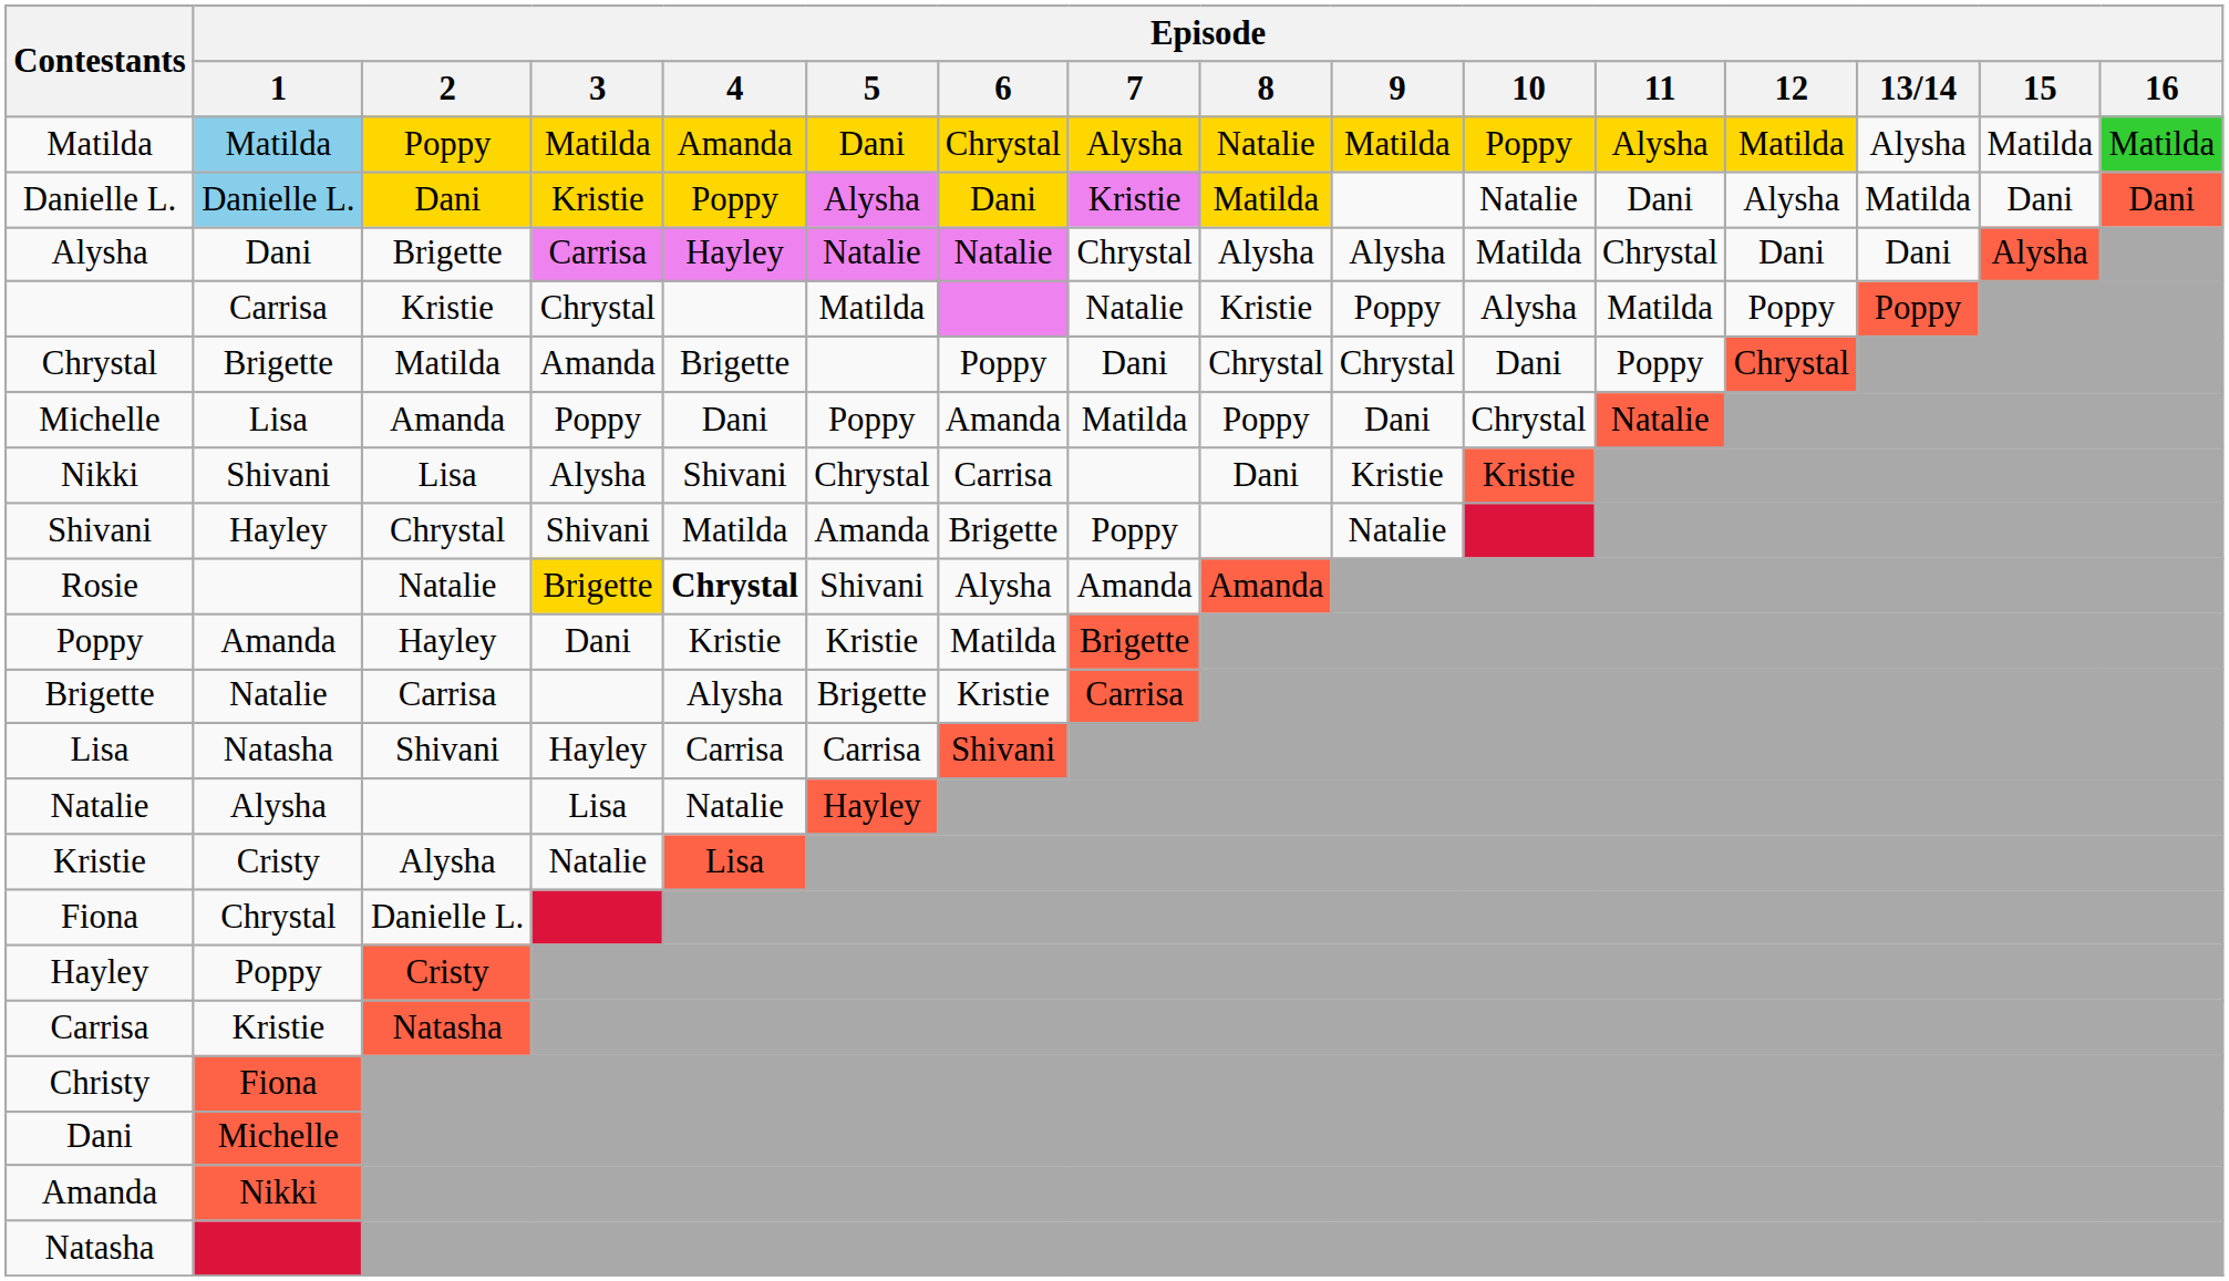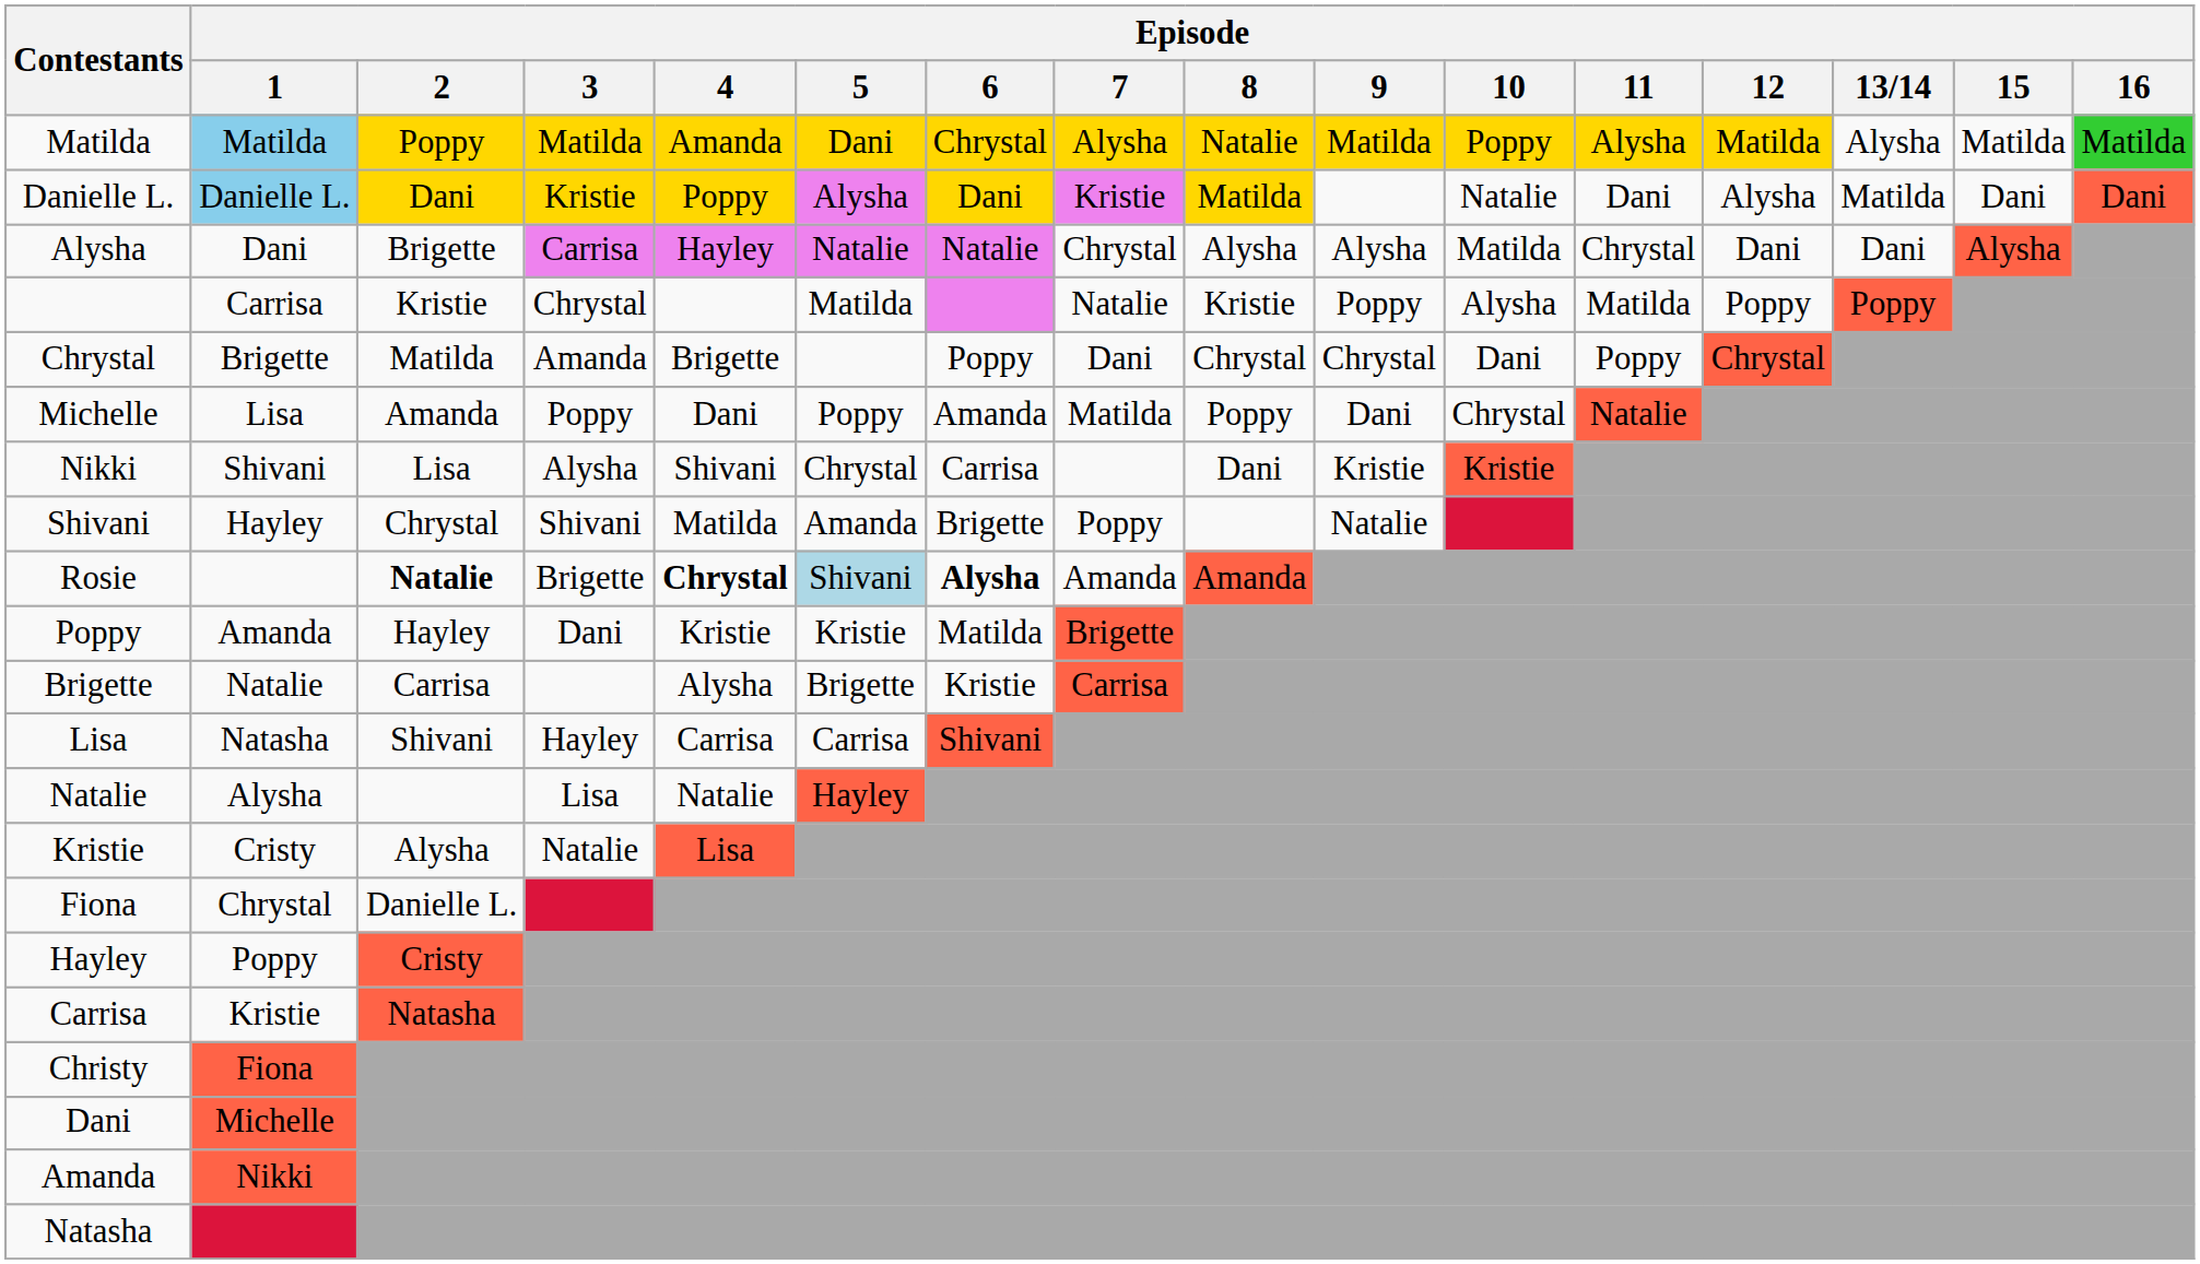 <table class="wikitable" style="text-align:center; font-size:92%">
 <tr>
 <th rowspan="2">Contestants</th>
 <th colspan="16">Episode</th>
 </tr>
 <tr>
 <th>1</th>
 <th>2</th>
 <th>3</th>
 <th>4</th>
 <th>5</th>
 <th>6</th>
 <th>7</th>
 <th>8</th>
 <th>9</th>
 <th>10</th>
 <th>11</th>
 <th>12</th>
 <th>13/14</th>
 <th>15</th>
 <th>16</th>
 </tr>
 <tr>
 <td>Matilda</td>
 <td bgcolor="skyblue">Matilda</td>
 <td bgcolor="gold">Poppy</td>
 <td bgcolor="gold">Matilda</td>
 <td bgcolor="gold">Amanda</td>
 <td bgcolor="gold">Dani</td>
 <td bgcolor="gold">Chrystal</td>
 <td bgcolor="gold">Alysha</td>
 <td bgcolor="gold">Natalie</td>
 <td bgcolor="gold">Matilda</td>
 <td bgcolor="gold">Poppy</td>
 <td bgcolor="gold">Alysha</td>
 <td bgcolor="gold">Matilda</td>
 <td>Alysha</td>
 <td>Matilda</td>
 <td bgcolor="limegreen">Matilda</td>
 </tr>
 <tr>
 <td>Danielle L.</td>
 <td bgcolor="skyblue">Danielle L.</td>
 <td bgcolor="gold">Dani</td>
 <td bgcolor="gold">Kristie</td>
 <td bgcolor="gold">Poppy</td>
 <td bgcolor="violet">Alysha</td>
 <td bgcolor="gold">Dani</td>
 <td bgcolor="violet">Kristie</td>
 <td bgcolor="gold">Matilda</td>
 <td></td>
 <td>Natalie</td>
 <td>Dani</td>
 <td>Alysha</td>
 <td>Matilda</td>
 <td>Dani</td>
 <td bgcolor="tomato">Dani</td>
 </tr>
 <tr>
 <td>Alysha</td>
 <td>Dani</td>
 <td>Brigette</td>
 <td bgcolor="violet">Carrisa</td>
 <td bgcolor="violet">Hayley</td>
 <td bgcolor="violet">Natalie</td>
 <td bgcolor="violet">Natalie</td>
 <td>Chrystal</td>
 <td>Alysha</td>
 <td>Alysha</td>
 <td>Matilda</td>
 <td>Chrystal</td>
 <td>Dani</td>
 <td>Dani</td>
 <td bgcolor="tomato">Alysha</td>
 <td bgcolor="darkgray" colspan=8></td>
 </tr>
 <tr>
 <td></td>
 <td>Carrisa</td>
 <td>Kristie</td>
 <td>Chrystal</td>
 <td></td>
 <td>Matilda</td>
 <td bgcolor="violet"></td>
 <td>Natalie</td>
 <td>Kristie</td>
 <td>Poppy</td>
 <td>Alysha</td>
 <td>Matilda</td>
 <td>Poppy</td>
 <td bgcolor="tomato">Poppy</td>
 <td bgcolor="darkgray" colspan=8></td>
 </tr>
 <tr>
 <td>Chrystal</td>
 <td>Brigette</td>
 <td>Matilda</td>
 <td>Amanda</td>
 <td>Brigette</td>
 <td></td>
 <td>Poppy</td>
 <td>Dani</td>
 <td>Chrystal</td>
 <td>Chrystal</td>
 <td>Dani</td>
 <td>Poppy</td>
 <td bgcolor="tomato">Chrystal</td>
 <td bgcolor="darkgray" colspan=8></td>
 </tr>
 <tr>
 <td>Michelle</td>
 <td>Lisa</td>
 <td>Amanda</td>
 <td>Poppy</td>
 <td>Dani</td>
 <td>Poppy</td>
 <td>Amanda</td>
 <td>Matilda</td>
 <td>Poppy</td>
 <td>Dani</td>
 <td>Chrystal</td>
 <td bgcolor="tomato">Natalie</td>
 <td bgcolor="darkgray" colspan=8></td>
 </tr>
 <tr>
 <td>Nikki</td>
 <td>Shivani</td>
 <td>Lisa</td>
 <td>Alysha</td>
 <td>Shivani</td>
 <td>Chrystal</td>
 <td>Carrisa</td>
 <td></td>
 <td>Dani</td>
 <td>Kristie</td>
 <td bgcolor="tomato">Kristie</td>
 <td bgcolor="darkgray" colspan=8></td>
 </tr>
 <tr>
 <td>Shivani</td>
 <td>Hayley</td>
 <td>Chrystal</td>
 <td>Shivani</td>
 <td>Matilda</td>
 <td>Amanda</td>
 <td>Brigette</td>
 <td>Poppy</td>
 <td></td>
 <td>Natalie</td>
 <td bgcolor="crimson"></td>
 <td bgcolor="darkgray" colspan=8></td>
 </tr>
 <tr>
 <td>Rosie</td>
 <td></td>
-<td>Natalie</td>
-<td style="background: gold;">Brigette</td>
+<td><strong>Natalie</strong></td>
+<td>Brigette</td>
 <td><strong>Chrystal</strong></td>
-<td>Shivani</td>
-<td>Alysha</td>
+<td style="background: lightblue;">Shivani</td>
+<td><strong>Alysha</strong></td>
 <td>Amanda</td>
 <td bgcolor="tomato">Amanda</td>
 <td bgcolor="darkgray" colspan=8></td>
 </tr>
 <tr>
 <td>Poppy</td>
 <td>Amanda</td>
 <td>Hayley</td>
 <td>Dani</td>
 <td>Kristie</td>
 <td>Kristie</td>
 <td>Matilda</td>
 <td bgcolor="tomato">Brigette</td>
 <td bgcolor="darkgray" colspan=8></td>
 </tr>
 <tr>
 <td>Brigette</td>
 <td>Natalie</td>
 <td>Carrisa</td>
 <td></td>
 <td>Alysha</td>
 <td>Brigette</td>
 <td>Kristie</td>
 <td bgcolor="tomato">Carrisa</td>
 <td bgcolor="darkgray" colspan=8></td>
 </tr>
 <tr>
 <td>Lisa</td>
 <td>Natasha</td>
 <td>Shivani</td>
 <td>Hayley</td>
 <td>Carrisa</td>
 <td>Carrisa</td>
 <td bgcolor="tomato">Shivani</td>
 <td bgcolor="darkgray" colspan=14></td>
 </tr>
 <tr>
 <td>Natalie</td>
 <td>Alysha</td>
 <td></td>
 <td>Lisa</td>
 <td>Natalie</td>
 <td bgcolor="tomato">Hayley</td>
 <td bgcolor="darkgray" colspan=14></td>
 </tr>
 <tr>
 <td>Kristie</td>
 <td>Cristy</td>
 <td>Alysha</td>
 <td>Natalie</td>
 <td bgcolor="tomato">Lisa</td>
 <td bgcolor="darkgray" colspan=14></td>
 </tr>
 <tr>
 <td>Fiona</td>
 <td>Chrystal</td>
 <td>Danielle L.</td>
 <td bgcolor="crimson"></td>
 <td bgcolor="darkgray" colspan=14></td>
 </tr>
 <tr>
 <td>Hayley</td>
 <td>Poppy</td>
 <td bgcolor="tomato">Cristy</td>
 <td bgcolor="darkgray" colspan=15></td>
 </tr>
 <tr>
 <td>Carrisa</td>
 <td>Kristie</td>
 <td bgcolor="tomato">Natasha</td>
 <td bgcolor="darkgray" colspan=16></td>
 </tr>
 <tr>
 <td>Christy</td>
 <td bgcolor="tomato">Fiona</td>
 <td bgcolor="darkgray" colspan=16></td>
 </tr>
 <tr>
 <td>Dani</td>
 <td bgcolor="tomato">Michelle</td>
 <td bgcolor="darkgray" colspan=16></td>
 </tr>
 <tr>
 <td>Amanda</td>
 <td bgcolor="tomato">Nikki</td>
 <td bgcolor="darkgray" colspan=16></td>
 </tr>
 <tr>
 <td>Natasha</td>
 <td bgcolor="crimson"></td>
 <td bgcolor="darkgray" colspan=16></td>
 </tr>
 <tr>
 </tr>
 </table>
